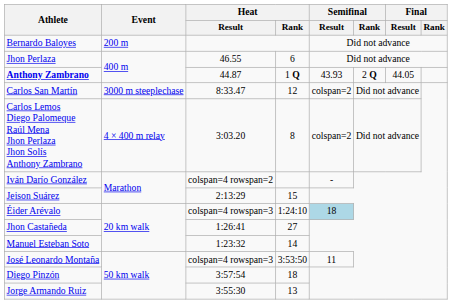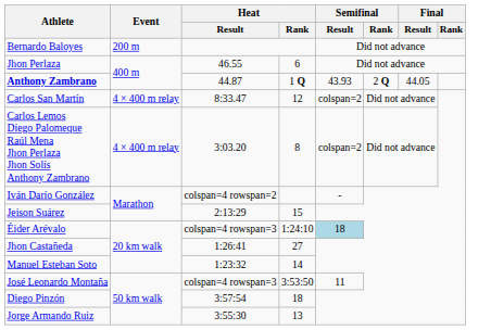 <table class="wikitable" style="font-size:90%">
 <tr>
 <th rowspan="2">Athlete</th>
 <th rowspan="2">Event</th>
 <th colspan="2">Heat</th>
 <th colspan="2">Semifinal</th>
 <th colspan="2">Final</th>
 </tr>
 <tr style="font-size:95%">
 <th>Result</th>
 <th>Rank</th>
 <th>Result</th>
 <th>Rank</th>
 <th>Result</th>
 <th>Rank</th>
 </tr>
 <tr align=center>
 <td align=left><a href='#'>Bernardo Baloyes</a></td>
 <td align=left><a href='#'>200 m</a></td>
 <td colspan=2></td>
 <td colspan=4>Did not advance</td>
 </tr>
 <tr align=center>
 <td align=left><a href='#'>Jhon Perlaza</a></td>
 <td align=left rowspan=2><a href='#'>400 m</a></td>
 <td>46.55</td>
 <td>6</td>
 <td colspan=4>Did not advance</td>
 </tr>
 <tr align=center>
 <td align=left><strong><a href='#'>Anthony Zambrano</a></strong></td>
 <td>44.87</td>
 <td>1 <strong>Q</strong></td>
 <td>43.93 <strong></strong></td>
 <td>2 <strong>Q</strong></td>
 <td>44.05</td>
 <td></td>
 </tr>
 <tr align=center>
 <td align=left><a href='#'>Carlos San Martín</a></td>
-<td align=left><a href='#'>3000 m steeplechase</a></td>
+<td align=left><a href='#'>4 × 400 m relay</a></td>
 <td>8:33.47</td>
 <td>12</td>
 <td>colspan=2 </td>
 <td colspan=2>Did not advance</td>
 </tr>
 <tr align=center>
 <td align=left><a href='#'>Carlos Lemos</a><br><a href='#'>Diego Palomeque</a><br><a href='#'>Raúl Mena</a><br><a href='#'>Jhon Perlaza</a><br><a href='#'>Jhon Solís</a><br><a href='#'>Anthony Zambrano</a></td>
 <td align=left><a href='#'>4 × 400 m relay</a></td>
 <td>3:03.20</td>
 <td>8</td>
 <td>colspan=2 </td>
 <td colspan=2>Did not advance</td>
 </tr>
 <tr align=center>
 <td align=left><a href='#'>Iván Darío González</a></td>
 <td align=left rowspan=2><a href='#'>Marathon</a></td>
 <td>colspan=4 rowspan=2 </td>
 <td></td>
 <td>-</td>
 </tr>
 <tr align=center>
 <td align=left><a href='#'>Jeison Suárez</a></td>
 <td>2:13:29</td>
 <td>15</td>
 </tr>
 <tr align=center>
 <td align=left><a href='#'>Éider Arévalo</a></td>
 <td align=left rowspan=3><a href='#'>20 km walk</a></td>
 <td>colspan=4 rowspan=3 </td>
 <td>1:24:10</td>
 <td style="background: lightblue;">18</td>
 </tr>
 <tr align=center>
 <td align=left><a href='#'>Jhon Castañeda</a></td>
 <td>1:26:41</td>
 <td>27</td>
 </tr>
 <tr align=center>
 <td align=left><a href='#'>Manuel Esteban Soto</a></td>
 <td>1:23:32</td>
 <td>14</td>
 </tr>
 <tr align=center>
 <td align=left><a href='#'>José Leonardo Montaña</a></td>
 <td align=left rowspan=3><a href='#'>50 km walk</a></td>
 <td>colspan=4 rowspan=3 </td>
 <td>3:53:50</td>
 <td>11</td>
 </tr>
 <tr align=center>
 <td align=left><a href='#'>Diego Pinzón</a></td>
 <td>3:57:54</td>
 <td>18</td>
 </tr>
 <tr align=center>
 <td align=left><a href='#'>Jorge Armando Ruiz</a></td>
 <td>3:55:30</td>
 <td>13</td>
 </tr>
 </table>
